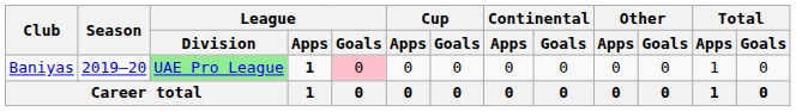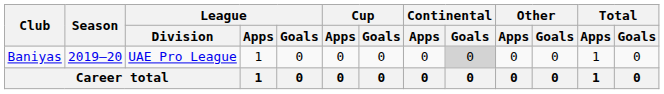 <table class="wikitable" style="text-align: center">
 <tr>
 <th rowspan="2">Club</th>
 <th rowspan="2">Season</th>
 <th colspan="3">League</th>
 <th colspan="2">Cup</th>
 <th colspan="2">Continental</th>
 <th colspan="2">Other</th>
 <th colspan="2">Total</th>
 </tr>
 <tr>
 <th>Division</th>
 <th>Apps</th>
 <th>Goals</th>
 <th>Apps</th>
 <th>Goals</th>
 <th>Apps</th>
 <th>Goals</th>
 <th>Apps</th>
 <th>Goals</th>
 <th>Apps</th>
 <th>Goals</th>
 </tr>
 <tr>
 <td><a href='#'>Baniyas</a></td>
 <td><a href='#'>2019–20</a></td>
-<td style="background: lightgreen;"><a href='#'>UAE Pro League</a></td>
-<td><strong>1</strong></td>
-<td style="background: pink;">0</td>
+<td><a href='#'>UAE Pro League</a></td>
+<td>1</td>
 <td>0</td>
 <td>0</td>
 <td>0</td>
 <td>0</td>
+<td style="background: lightgrey;">0</td>
 <td>0</td>
 <td>0</td>
 <td>1</td>
 <td>0</td>
 </tr>
 <tr>
 <th colspan="3"><strong>Career total</strong></th>
 <th>1</th>
 <th>0</th>
 <th>0</th>
 <th>0</th>
 <th>0</th>
 <th>0</th>
 <th>0</th>
 <th>0</th>
 <th>1</th>
 <th>0</th>
 </tr>
 </table>
